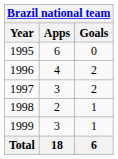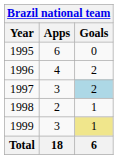 <table class="wikitable" style="text-align:center">
 <tr>
 <th colspan="3"><a href='#'>Brazil national team</a></th>
 </tr>
 <tr>
 <th>Year</th>
 <th>Apps</th>
 <th>Goals</th>
 </tr>
 <tr>
 <td>1995</td>
 <td>6</td>
 <td>0</td>
 </tr>
 <tr>
 <td>1996</td>
 <td>4</td>
 <td>2</td>
 </tr>
 <tr>
 <td>1997</td>
 <td>3</td>
-<td>2</td>
+<td style="background: lightblue;">2</td>
 </tr>
 <tr>
 <td>1998</td>
 <td>2</td>
 <td>1</td>
 </tr>
 <tr>
 <td>1999</td>
 <td>3</td>
-<td>1</td>
+<td style="background: khaki;">1</td>
 </tr>
 <tr>
 <th>Total</th>
 <th>18</th>
 <th>6</th>
 </tr>
 </table>
